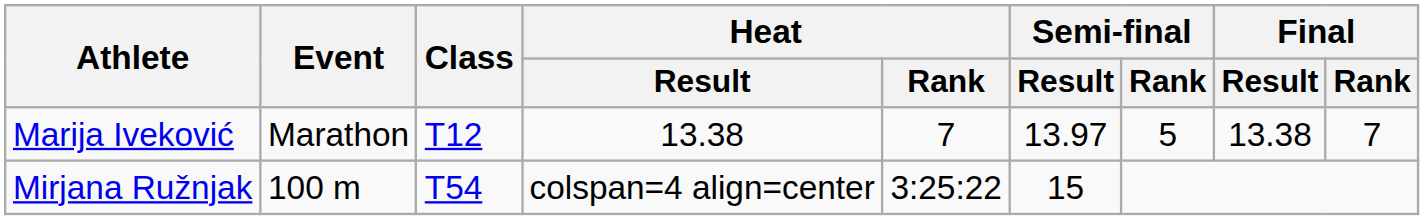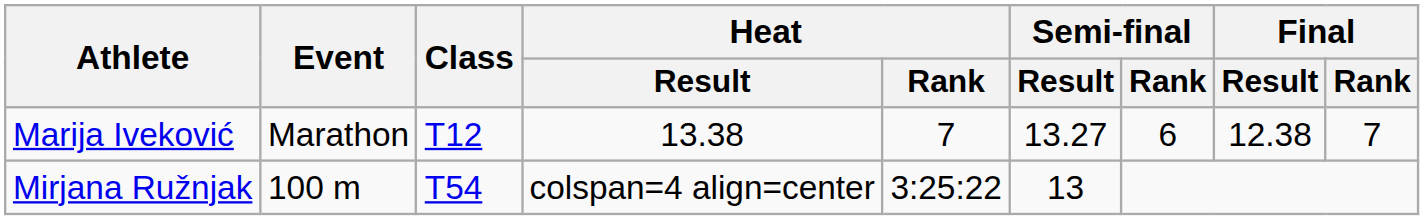 <table class="wikitable" style="font-size:90%">
 <tr>
 <th rowspan="2">Athlete</th>
 <th rowspan="2">Event</th>
 <th rowspan="2">Class</th>
 <th colspan="2">Heat</th>
 <th colspan="2">Semi-final</th>
 <th colspan="2">Final</th>
 </tr>
 <tr style="font-size:95%">
 <th>Result</th>
 <th>Rank</th>
 <th>Result</th>
 <th>Rank</th>
 <th>Result</th>
 <th>Rank</th>
 </tr>
 <tr>
 <td><a href='#'>Marija Iveković</a></td>
 <td>Marathon</td>
 <td><a href='#'>T12</a></td>
 <td align=center>13.38</td>
 <td align=center>7</td>
-<td align=center>13.97</td>
-<td align=center>5</td>
-<td align=center>13.38</td>
+<td align=center>13.27</td>
+<td align=center>6</td>
+<td align=center>12.38</td>
 <td align=center>7</td>
 </tr>
 <tr>
 <td><a href='#'>Mirjana Ružnjak</a></td>
 <td>100 m</td>
 <td><a href='#'>T54</a></td>
 <td>colspan=4 align=center </td>
 <td align=center>3:25:22</td>
-<td align=center>15</td>
+<td align=center>13</td>
 </tr>
 </table>
